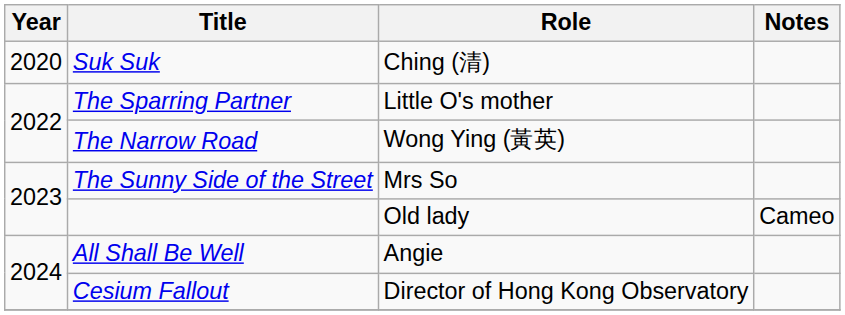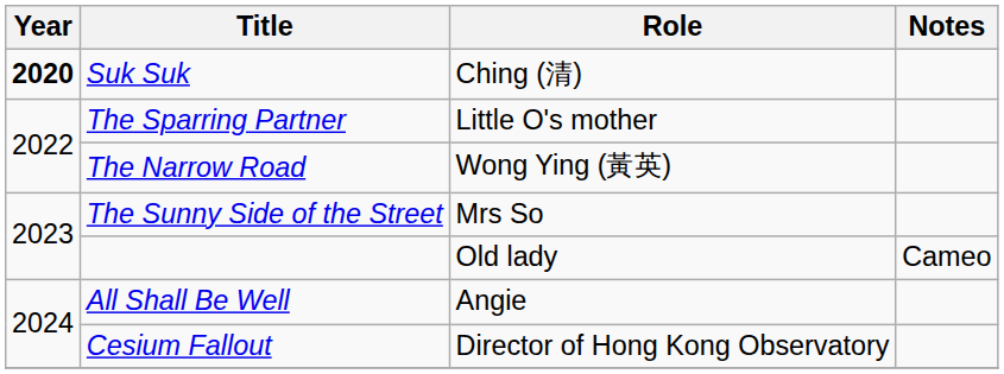 <table class="wikitable">
 <tr>
 <th>Year</th>
 <th>Title</th>
 <th>Role</th>
 <th>Notes</th>
 </tr>
 <tr>
-<td>2020</td>
+<td><strong>2020</strong></td>
 <td><em><a href='#'>Suk Suk</a></em></td>
 <td>Ching (清)</td>
 <td></td>
 </tr>
 <tr>
 <td rowspan="2">2022</td>
 <td><em><a href='#'>The Sparring Partner</a></em></td>
 <td>Little O's mother</td>
 <td></td>
 </tr>
 <tr>
 <td><em><a href='#'>The Narrow Road</a></em></td>
 <td>Wong Ying (黃英)</td>
 <td></td>
 </tr>
 <tr>
 <td rowspan="2">2023</td>
 <td><em><a href='#'>The Sunny Side of the Street</a></em></td>
 <td>Mrs So</td>
 <td></td>
 </tr>
 <tr>
 <td><em></em></td>
 <td>Old lady</td>
 <td>Cameo</td>
 </tr>
 <tr>
 <td rowspan="2">2024</td>
 <td><em><a href='#'>All Shall Be Well</a></em></td>
 <td>Angie</td>
 <td></td>
 </tr>
 <tr>
 <td><em><a href='#'>Cesium Fallout</a></em></td>
 <td>Director of Hong Kong Observatory</td>
 <td></td>
 </tr>
 <tr>
 </tr>
 </table>
